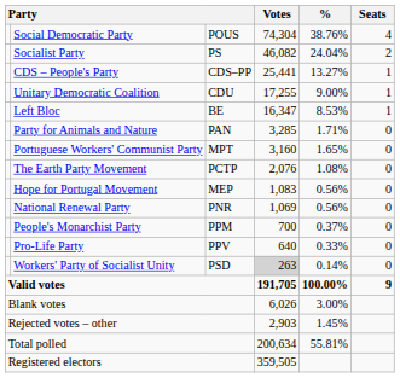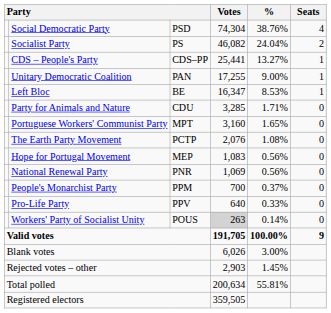 <table class="wikitable" border="1" style="text-align:right;">
 <tr>
 <th style="text-align:left;" colspan=3>Party</th>
 <th align=center width="50">Votes</th>
 <th align=center width="50">%</th>
 <th align=center width="50">Seats</th>
 </tr>
 <tr>
 <td></td>
 <td align=left><a href='#'>Social Democratic Party</a></td>
-<td align=left>POUS</td>
+<td align=left>PSD</td>
 <td>74,304</td>
 <td>38.76%</td>
 <td>4</td>
 </tr>
 <tr>
 <td></td>
 <td align=left><a href='#'>Socialist Party</a></td>
 <td align=left>PS</td>
 <td>46,082</td>
 <td>24.04%</td>
 <td>2</td>
 </tr>
 <tr>
 <td></td>
 <td align=left><a href='#'>CDS – People's Party</a></td>
 <td align=left style="white-space: nowrap;">CDS–PP</td>
 <td>25,441</td>
 <td>13.27%</td>
 <td>1</td>
 </tr>
 <tr>
 <td></td>
 <td align=left style="white-space: nowrap;"><a href='#'>Unitary Democratic Coalition</a></td>
-<td align=left>CDU</td>
+<td align=left>PAN</td>
 <td>17,255</td>
 <td>9.00%</td>
 <td>1</td>
 </tr>
 <tr>
 <td></td>
 <td align=left><a href='#'>Left Bloc</a></td>
 <td align=left>BE</td>
 <td>16,347</td>
 <td>8.53%</td>
 <td>1</td>
 </tr>
 <tr>
 <td></td>
 <td align=left><a href='#'>Party for Animals and Nature</a></td>
-<td align=left>PAN</td>
+<td align=left>CDU</td>
 <td>3,285</td>
 <td>1.71%</td>
 <td>0</td>
 </tr>
 <tr>
 <td></td>
 <td align=left><a href='#'>Portuguese Workers' Communist Party</a></td>
 <td align=left>MPT</td>
 <td>3,160</td>
 <td>1.65%</td>
 <td>0</td>
 </tr>
 <tr>
 <td></td>
 <td align=left><a href='#'>The Earth Party Movement</a></td>
 <td align=left>PCTP</td>
 <td>2,076</td>
 <td>1.08%</td>
 <td>0</td>
 </tr>
 <tr>
 <td></td>
 <td align=left><a href='#'>Hope for Portugal Movement</a></td>
 <td align=left>MEP</td>
 <td>1,083</td>
 <td>0.56%</td>
 <td>0</td>
 </tr>
 <tr>
 <td></td>
 <td align=left><a href='#'>National Renewal Party</a></td>
 <td align=left>PNR</td>
 <td>1,069</td>
 <td>0.56%</td>
 <td>0</td>
 </tr>
 <tr>
 <td></td>
 <td align=left><a href='#'>People's Monarchist Party</a></td>
 <td align=left>PPM</td>
 <td>700</td>
 <td>0.37%</td>
 <td>0</td>
 </tr>
 <tr>
 <td></td>
 <td align=left><a href='#'>Pro-Life Party</a></td>
 <td align=left>PPV</td>
 <td>640</td>
 <td>0.33%</td>
 <td>0</td>
 </tr>
 <tr>
 <td></td>
 <td align=left><a href='#'>Workers' Party of Socialist Unity</a></td>
-<td align=left>PSD</td>
+<td align=left>POUS</td>
 <td style="background: lightgrey;">263</td>
 <td>0.14%</td>
 <td>0</td>
 </tr>
 <tr style="font-weight:bold">
 <td align=left colspan=3>Valid votes</td>
 <td>191,705</td>
 <td>100.00%</td>
 <td>9</td>
 </tr>
 <tr>
 <td align=left colspan=3>Blank votes</td>
 <td>6,026</td>
 <td>3.00%</td>
 <td></td>
 </tr>
 <tr>
 <td align=left colspan=3>Rejected votes – other</td>
 <td>2,903</td>
 <td>1.45%</td>
 <td></td>
 </tr>
 <tr>
 <td align=left colspan=3>Total polled</td>
 <td>200,634</td>
 <td>55.81%</td>
 <td></td>
 </tr>
 <tr>
 <td align=left colspan=3>Registered electors</td>
 <td>359,505</td>
 <td></td>
 <td></td>
 </tr>
 </table>
